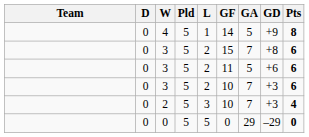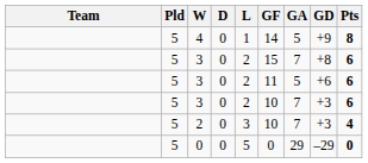 <table class=wikitable style="text-align:center">
 <tr>
 <th width="175">Team</th>
+<th width="20">Pld</th>
+<th width="20">W</th>
 <th width="20">D</th>
-<th width="20">W</th>
-<th width="20">Pld</th>
 <th width="20">L</th>
 <th width="20">GF</th>
 <th width="20">GA</th>
 <th width="20">GD</th>
 <th width="20">Pts</th>
 </tr>
 <tr>
 <td align=left></td>
+<td>5</td>
+<td>4</td>
 <td>0</td>
-<td>4</td>
-<td>5</td>
 <td>1</td>
 <td>14</td>
 <td>5</td>
 <td>+9</td>
 <td><strong>8</strong></td>
 </tr>
 <tr>
 <td align=left></td>
+<td>5</td>
+<td>3</td>
 <td>0</td>
-<td>3</td>
-<td>5</td>
 <td>2</td>
 <td>15</td>
 <td>7</td>
 <td>+8</td>
 <td><strong>6</strong></td>
 </tr>
 <tr>
 <td align=left></td>
+<td>5</td>
+<td>3</td>
 <td>0</td>
-<td>3</td>
-<td>5</td>
 <td>2</td>
 <td>11</td>
 <td>5</td>
 <td>+6</td>
 <td><strong>6</strong></td>
 </tr>
 <tr>
 <td align=left></td>
+<td>5</td>
+<td>3</td>
 <td>0</td>
-<td>3</td>
-<td>5</td>
 <td>2</td>
 <td>10</td>
 <td>7</td>
 <td>+3</td>
 <td><strong>6</strong></td>
 </tr>
 <tr>
 <td align=left></td>
+<td>5</td>
+<td>2</td>
 <td>0</td>
-<td>2</td>
-<td>5</td>
 <td>3</td>
 <td>10</td>
 <td>7</td>
 <td>+3</td>
 <td><strong>4</strong></td>
 </tr>
 <tr>
 <td align=left></td>
+<td>5</td>
 <td>0</td>
 <td>0</td>
-<td>5</td>
 <td>5</td>
 <td>0</td>
 <td>29</td>
 <td>–29</td>
 <td><strong>0</strong></td>
 </tr>
 </table>
